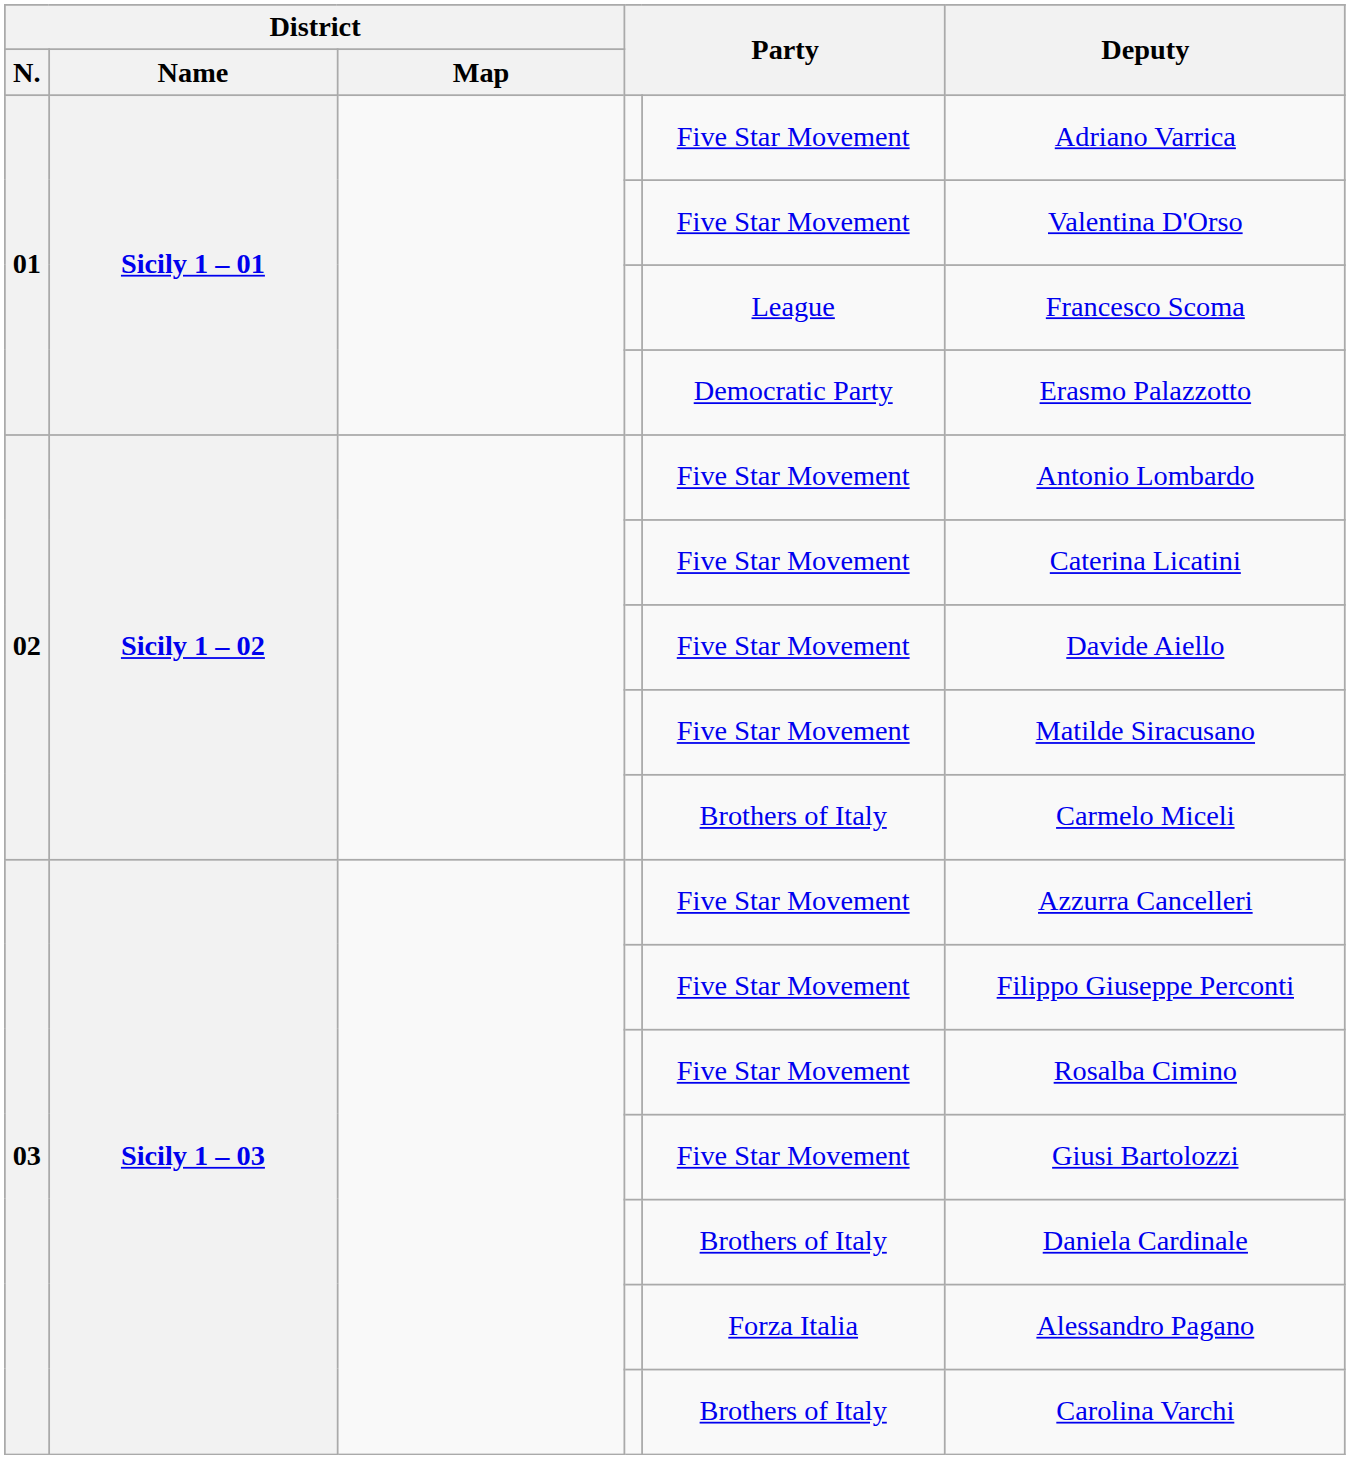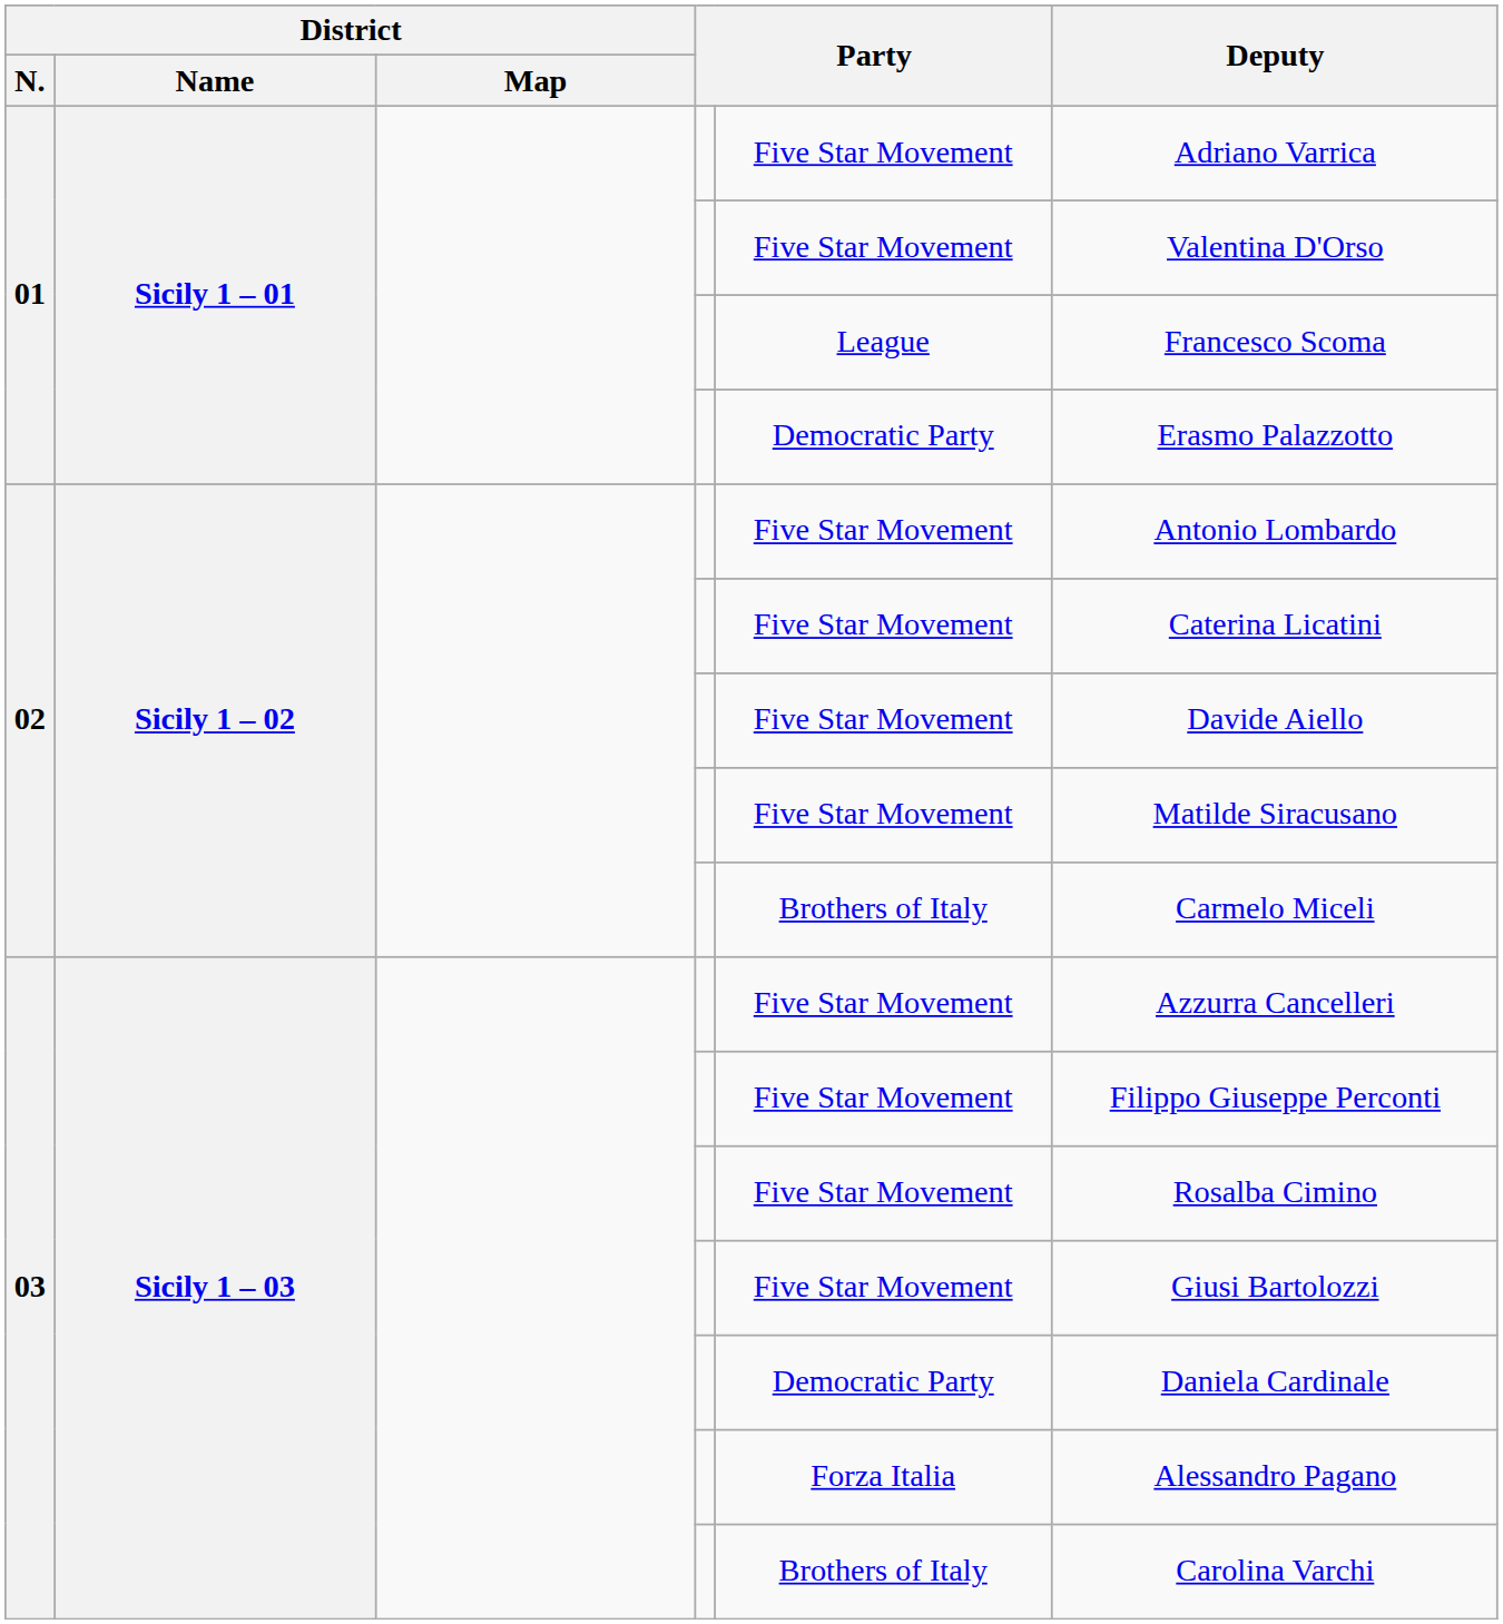 <table class="wikitable" style="text-align:center; style="width=60%">
 <tr>
 <th width=35% colspan="3">District</th>
 <th width=20% colspan="2" rowspan="2">Party</th>
 <th width=25% rowspan="2">Deputy</th>
 </tr>
 <tr>
 <th width=1%>N.</th>
 <th width=18%>Name</th>
 <th width=18%>Map</th>
 </tr>
 <tr style="height:3em;">
 <th rowspan="4">01</th>
 <th rowspan="4"><a href='#'>Sicily 1 – 01</a></th>
 <td rowspan="4"></td>
 <td style="background:"></td>
 <td><a href='#'>Five Star Movement</a></td>
 <td><a href='#'>Adriano Varrica</a></td>
 </tr>
 <tr style="height:3em;">
 <td style="background:"></td>
 <td><a href='#'>Five Star Movement</a></td>
 <td><a href='#'>Valentina D'Orso</a></td>
 </tr>
 <tr style="height:3em;">
 <td style="background:"></td>
 <td><a href='#'>League</a></td>
 <td><a href='#'>Francesco Scoma</a></td>
 </tr>
 <tr style="height:3em;">
 <td style="background:"></td>
 <td><a href='#'>Democratic Party</a></td>
 <td><a href='#'>Erasmo Palazzotto</a></td>
 </tr>
 <tr style="height:3em;">
 <th rowspan="5">02</th>
 <th rowspan="5"><a href='#'>Sicily 1 – 02</a></th>
 <td rowspan="5"></td>
 <td style="background:"></td>
 <td><a href='#'>Five Star Movement</a></td>
 <td><a href='#'>Antonio Lombardo</a></td>
 </tr>
 <tr style="height:3em;">
 <td style="background:"></td>
 <td><a href='#'>Five Star Movement</a></td>
 <td><a href='#'>Caterina Licatini</a></td>
 </tr>
 <tr style="height:3em;">
 <td style="background:"></td>
 <td><a href='#'>Five Star Movement</a></td>
 <td><a href='#'>Davide Aiello</a></td>
 </tr>
 <tr style="height:3em;">
 <td style="background:"></td>
 <td><a href='#'>Five Star Movement</a></td>
 <td><a href='#'>Matilde Siracusano</a></td>
 </tr>
 <tr style="height:3em;">
 <td style="background:"></td>
 <td><a href='#'>Brothers of Italy</a></td>
 <td><a href='#'>Carmelo Miceli</a></td>
 </tr>
 <tr style="height:3em;">
 <th rowspan="7">03</th>
 <th rowspan="7"><a href='#'>Sicily 1 – 03</a></th>
 <td rowspan="7"></td>
 <td style="background:"></td>
 <td><a href='#'>Five Star Movement</a></td>
 <td><a href='#'>Azzurra Cancelleri</a></td>
 </tr>
 <tr style="height:3em;">
 <td style="background:"></td>
 <td><a href='#'>Five Star Movement</a></td>
 <td><a href='#'>Filippo Giuseppe Perconti</a></td>
 </tr>
 <tr style="height:3em;">
 <td style="background:"></td>
 <td><a href='#'>Five Star Movement</a></td>
 <td><a href='#'>Rosalba Cimino</a></td>
 </tr>
 <tr style="height:3em;">
 <td style="background:"></td>
 <td><a href='#'>Five Star Movement</a></td>
 <td><a href='#'>Giusi Bartolozzi</a></td>
 </tr>
 <tr style="height:3em;">
 <td style="background:"></td>
-<td><a href='#'>Brothers of Italy</a></td>
+<td><a href='#'>Democratic Party</a></td>
 <td><a href='#'>Daniela Cardinale</a></td>
 </tr>
 <tr style="height:3em;">
 <td style="background:"></td>
 <td><a href='#'>Forza Italia</a></td>
 <td><a href='#'>Alessandro Pagano</a></td>
 </tr>
 <tr style="height:3em;">
 <td style="background:"></td>
 <td><a href='#'>Brothers of Italy</a></td>
 <td><a href='#'>Carolina Varchi</a></td>
 </tr>
 </table>
